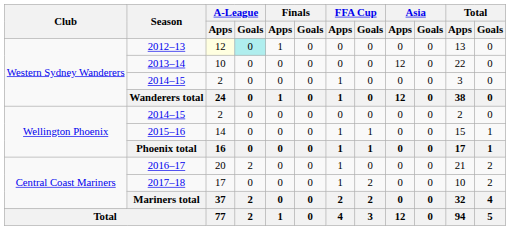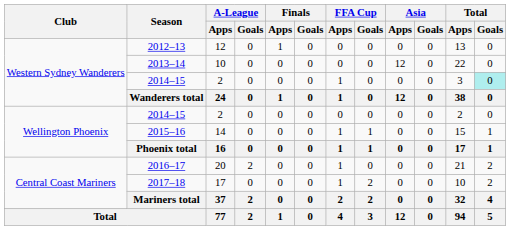 <table class="wikitable" style="text-align: center;">
 <tr>
 <th rowspan="2">Club</th>
 <th rowspan="2">Season</th>
 <th colspan="2"><a href='#'>A-League</a></th>
 <th colspan="2">Finals</th>
 <th colspan="2"><a href='#'>FFA Cup</a></th>
 <th colspan="2"><a href='#'>Asia</a></th>
 <th colspan="2">Total</th>
 </tr>
 <tr>
 <th>Apps</th>
 <th>Goals</th>
 <th>Apps</th>
 <th>Goals</th>
 <th>Apps</th>
 <th>Goals</th>
 <th>Apps</th>
 <th>Goals</th>
 <th>Apps</th>
 <th>Goals</th>
 </tr>
 <tr>
 <td rowspan="4" valign="center"><a href='#'>Western Sydney Wanderers</a></td>
 <td><a href='#'>2012–13</a></td>
-<td style="background: lightyellow;">12</td>
-<td style="background: paleturquoise;">0</td>
+<td>12</td>
+<td>0</td>
 <td>1</td>
 <td>0</td>
 <td>0</td>
 <td>0</td>
 <td>0</td>
 <td>0</td>
 <td>13</td>
 <td>0</td>
 </tr>
 <tr>
 <td><a href='#'>2013–14</a></td>
 <td>10</td>
 <td>0</td>
 <td>0</td>
 <td>0</td>
 <td>0</td>
 <td>0</td>
 <td>12</td>
 <td>0</td>
 <td>22</td>
 <td>0</td>
 </tr>
 <tr>
 <td><a href='#'>2014–15</a></td>
 <td>2</td>
 <td>0</td>
 <td>0</td>
 <td>0</td>
 <td>1</td>
 <td>0</td>
 <td>0</td>
 <td>0</td>
 <td>3</td>
-<td>0</td>
+<td style="background: paleturquoise;">0</td>
 </tr>
 <tr>
 <th>Wanderers total</th>
 <th>24</th>
 <th>0</th>
 <th>1</th>
 <th>0</th>
 <th>1</th>
 <th>0</th>
 <th>12</th>
 <th>0</th>
 <th>38</th>
 <th>0</th>
 </tr>
 <tr>
 <td rowspan="3" valign="center"><a href='#'>Wellington Phoenix</a></td>
 <td><a href='#'>2014–15</a></td>
 <td>2</td>
 <td>0</td>
 <td>0</td>
 <td>0</td>
 <td>0</td>
 <td>0</td>
 <td>0</td>
 <td>0</td>
 <td>2</td>
 <td>0</td>
 </tr>
 <tr>
 <td><a href='#'>2015–16</a></td>
 <td>14</td>
 <td>0</td>
 <td>0</td>
 <td>0</td>
 <td>1</td>
 <td>1</td>
 <td>0</td>
 <td>0</td>
 <td>15</td>
 <td>1</td>
 </tr>
 <tr>
 <th>Phoenix total</th>
 <th>16</th>
 <th>0</th>
 <th>0</th>
 <th>0</th>
 <th>1</th>
 <th>1</th>
 <th>0</th>
 <th>0</th>
 <th>17</th>
 <th>1</th>
 </tr>
 <tr>
 <td rowspan="3" valign="center"><a href='#'>Central Coast Mariners</a></td>
 <td><a href='#'>2016–17</a></td>
 <td>20</td>
 <td>2</td>
 <td>0</td>
 <td>0</td>
 <td>1</td>
 <td>0</td>
 <td>0</td>
 <td>0</td>
 <td>21</td>
 <td>2</td>
 </tr>
 <tr>
 <td><a href='#'>2017–18</a></td>
 <td>17</td>
 <td>0</td>
 <td>0</td>
 <td>0</td>
 <td>1</td>
 <td>2</td>
 <td>0</td>
 <td>0</td>
 <td>10</td>
 <td>2</td>
 </tr>
 <tr>
 <th>Mariners total</th>
 <th>37</th>
 <th>2</th>
 <th>0</th>
 <th>0</th>
 <th>2</th>
 <th>2</th>
 <th>0</th>
 <th>0</th>
 <th>32</th>
 <th>4</th>
 </tr>
 <tr>
 <th colspan=2>Total</th>
 <th>77</th>
 <th>2</th>
 <th>1</th>
 <th>0</th>
 <th>4</th>
 <th>3</th>
 <th>12</th>
 <th>0</th>
 <th>94</th>
 <th>5</th>
 </tr>
 </table>
